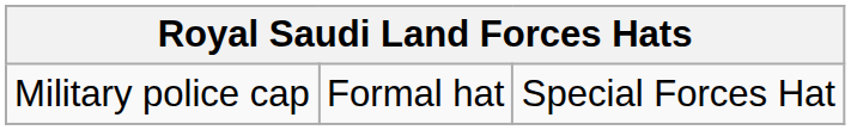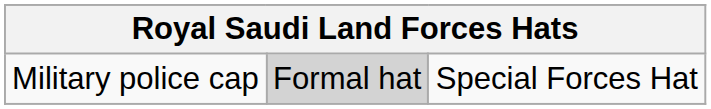 <table class="wikitable">
 <tr>
 <th colspan="3"><strong>Royal Saudi Land Forces Hats</strong></th>
 </tr>
 <tr>
 <td>Military police cap</td>
-<td>Formal hat</td>
+<td style="background: lightgrey;">Formal hat</td>
 <td>Special Forces Hat</td>
 </tr>
 </table>
